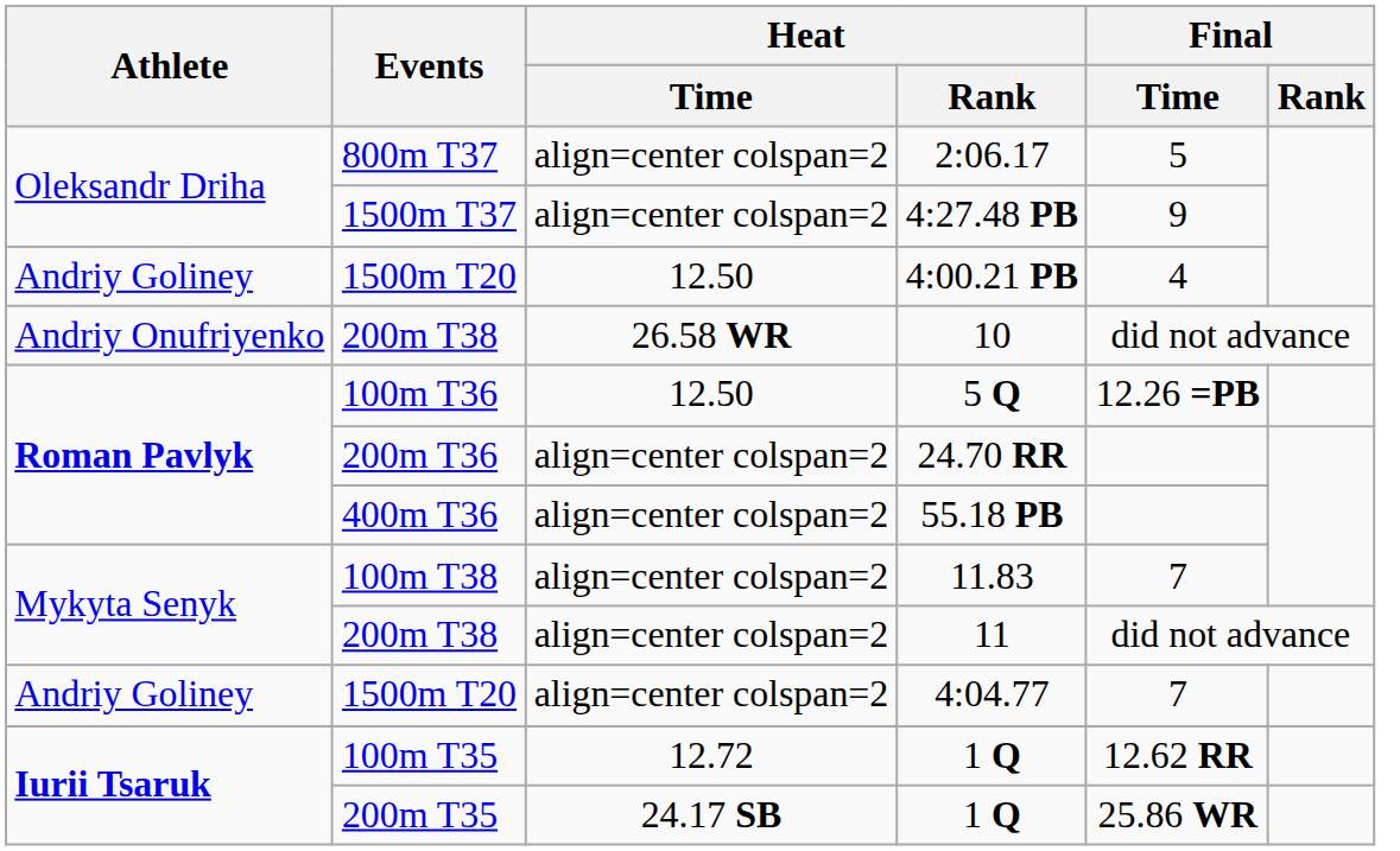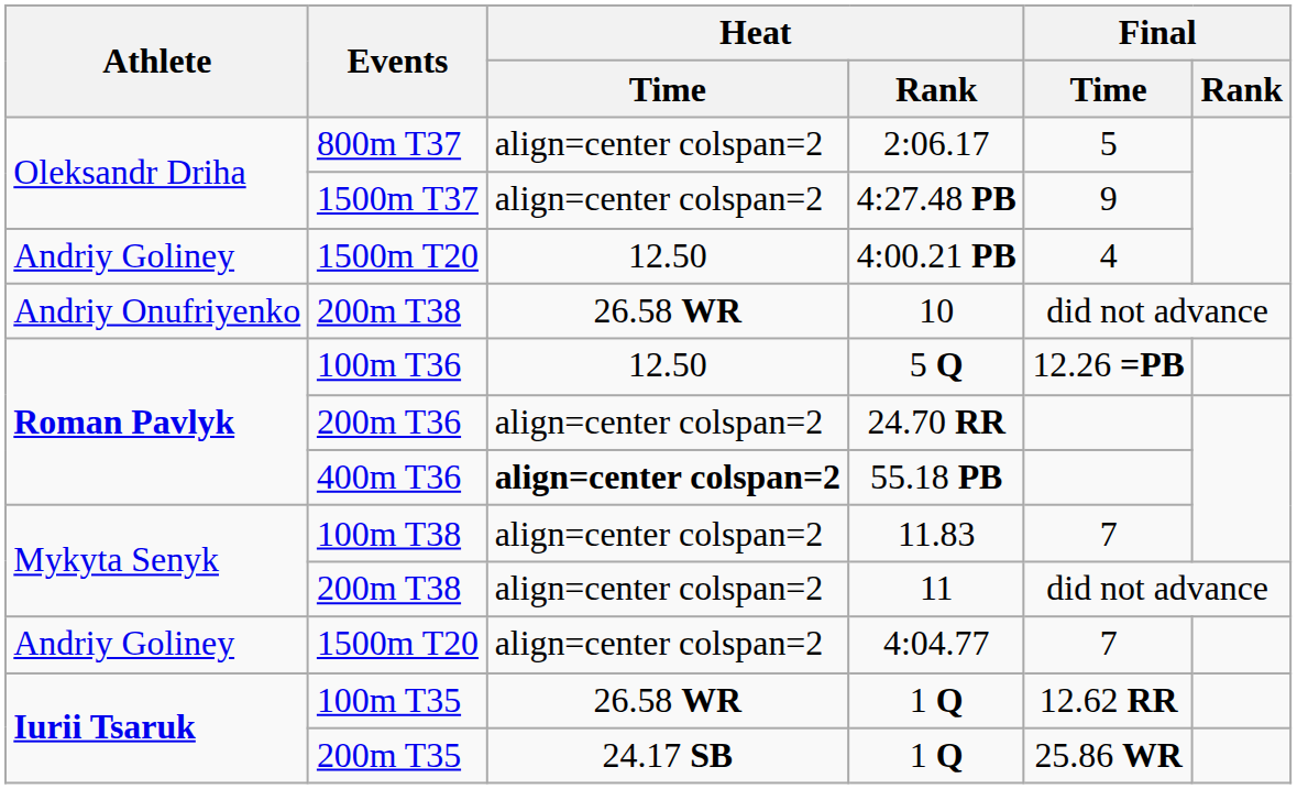 <table class=wikitable>
 <tr>
 <th rowspan="2">Athlete</th>
 <th rowspan="2">Events</th>
 <th colspan="2">Heat</th>
 <th colspan="2">Final</th>
 </tr>
 <tr>
 <th>Time</th>
 <th>Rank</th>
 <th>Time</th>
 <th>Rank</th>
 </tr>
 <tr>
 <td align=left rowspan=2><a href='#'>Oleksandr Driha</a></td>
 <td align=left><a href='#'>800m T37</a></td>
 <td>align=center colspan=2 </td>
 <td align=center>2:06.17</td>
 <td align=center>5</td>
 </tr>
 <tr>
 <td align=left><a href='#'>1500m T37</a></td>
 <td>align=center colspan=2 </td>
 <td align=center>4:27.48 <strong>PB</strong></td>
 <td align=center>9</td>
 </tr>
 <tr>
 <td align=left><a href='#'>Andriy Goliney</a></td>
 <td align=left><a href='#'>1500m T20</a></td>
 <td align=center>12.50</td>
 <td align=center>4:00.21 <strong>PB</strong></td>
 <td align=center>4</td>
 </tr>
 <tr>
 <td align=left><a href='#'>Andriy Onufriyenko</a></td>
 <td align=left><a href='#'>200m T38</a></td>
 <td align=center>26.58 <strong>WR</strong></td>
 <td align=center>10</td>
 <td align=center colspan=2>did not advance</td>
 </tr>
 <tr>
 <td align=left rowspan=3><strong><a href='#'>Roman Pavlyk</a></strong></td>
 <td align=left><a href='#'>100m T36</a></td>
 <td align=center>12.50</td>
 <td align=center>5 <strong>Q</strong></td>
 <td align=center>12.26 <strong>=PB</strong></td>
 <td align=center></td>
 </tr>
 <tr>
 <td align=left><a href='#'>200m T36</a></td>
 <td>align=center colspan=2 </td>
 <td align=center>24.70 <strong>RR</strong></td>
 <td align=center></td>
 </tr>
 <tr>
 <td align=left><a href='#'>400m T36</a></td>
-<td>align=center colspan=2 </td>
+<td><strong>align=center colspan=2 </strong></td>
 <td align=center>55.18 <strong>PB</strong></td>
 <td align=center></td>
 </tr>
 <tr>
 <td align=left rowspan=2><a href='#'>Mykyta Senyk</a></td>
 <td align=left><a href='#'>100m T38</a></td>
 <td>align=center colspan=2 </td>
 <td align=center>11.83</td>
 <td align=center>7</td>
 </tr>
 <tr>
 <td align=left><a href='#'>200m T38</a></td>
 <td>align=center colspan=2 </td>
 <td align=center>11</td>
 <td align=center colspan=2>did not advance</td>
 </tr>
 <tr>
 <td align=left><a href='#'>Andriy Goliney</a></td>
 <td align=left><a href='#'>1500m T20</a></td>
 <td>align=center colspan=2 </td>
 <td align=center>4:04.77</td>
 <td align=center>7</td>
 </tr>
 <tr>
 <td align=left rowspan=2><strong><a href='#'>Iurii Tsaruk</a></strong></td>
 <td align=left><a href='#'>100m T35</a></td>
-<td align=center>12.72 <strong></strong></td>
+<td align=center>26.58 <strong>WR</strong></td>
 <td align=center>1 <strong>Q</strong></td>
 <td align=center>12.62 <strong>RR</strong></td>
 <td align=center></td>
 </tr>
 <tr>
 <td align=left><a href='#'>200m T35</a></td>
 <td align=center>24.17 <strong>SB</strong></td>
 <td align=center>1 <strong>Q</strong></td>
 <td align=center>25.86 <strong>WR</strong></td>
 <td align=center></td>
 </tr>
 </table>
